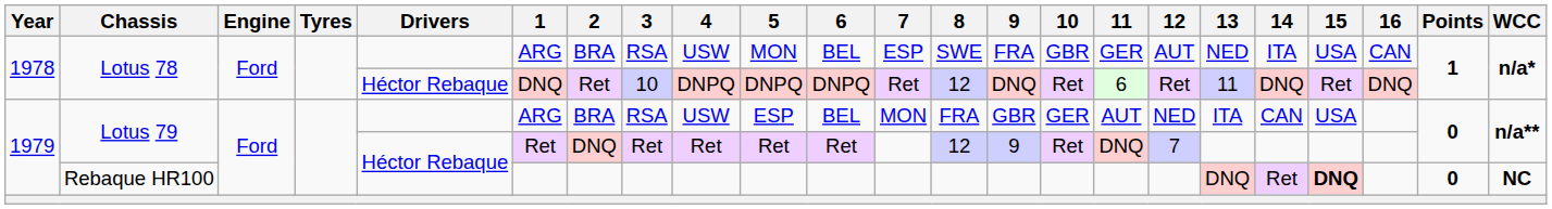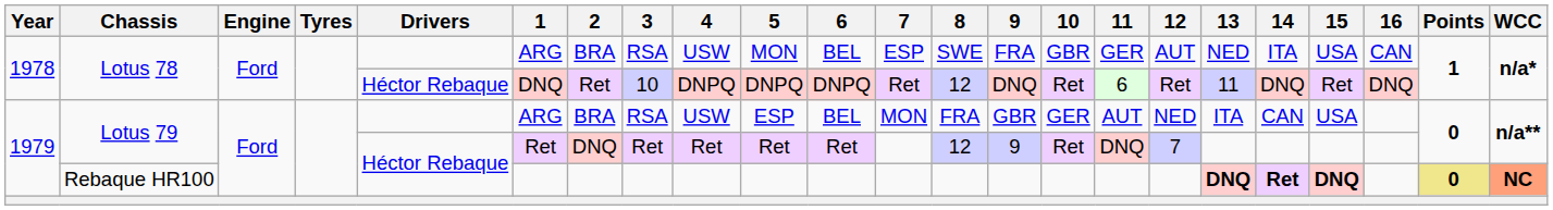 <table class="wikitable" style="text-align:center; font-size:85%">
 <tr>
 <th>Year</th>
 <th>Chassis</th>
 <th>Engine</th>
 <th>Tyres</th>
 <th>Drivers</th>
 <th>1</th>
 <th>2</th>
 <th>3</th>
 <th>4</th>
 <th>5</th>
 <th>6</th>
 <th>7</th>
 <th>8</th>
 <th>9</th>
 <th>10</th>
 <th>11</th>
 <th>12</th>
 <th>13</th>
 <th>14</th>
 <th>15</th>
 <th>16</th>
 <th>Points</th>
 <th>WCC</th>
 </tr>
 <tr>
 <td rowspan="2"><a href='#'>1978</a></td>
 <td rowspan="2"><a href='#'>Lotus</a> <a href='#'>78</a></td>
 <td rowspan="2"><a href='#'>Ford</a></td>
 <td rowspan="2"></td>
 <td></td>
 <td><a href='#'>ARG</a></td>
 <td><a href='#'>BRA</a></td>
 <td><a href='#'>RSA</a></td>
 <td><a href='#'>USW</a></td>
 <td><a href='#'>MON</a></td>
 <td><a href='#'>BEL</a></td>
 <td><a href='#'>ESP</a></td>
 <td><a href='#'>SWE</a></td>
 <td><a href='#'>FRA</a></td>
 <td><a href='#'>GBR</a></td>
 <td><a href='#'>GER</a></td>
 <td><a href='#'>AUT</a></td>
 <td><a href='#'>NED</a></td>
 <td><a href='#'>ITA</a></td>
 <td><a href='#'>USA</a></td>
 <td><a href='#'>CAN</a></td>
 <td rowspan="2"><strong>1</strong></td>
 <td rowspan="2"><strong>n/a*</strong></td>
 </tr>
 <tr>
 <td><a href='#'>Héctor Rebaque</a></td>
 <td style="background:#FFCFCF;">DNQ</td>
 <td style="background:#EFCFFF;">Ret</td>
 <td style="background:#CFCFFF;">10</td>
 <td style="background:#FFCFCF;">DNPQ</td>
 <td style="background:#FFCFCF;">DNPQ</td>
 <td style="background:#FFCFCF;">DNPQ</td>
 <td style="background:#EFCFFF;">Ret</td>
 <td style="background:#CFCFFF;">12</td>
 <td style="background:#FFCFCF;">DNQ</td>
 <td style="background:#EFCFFF;">Ret</td>
 <td style="background:#DFFFDF;">6</td>
 <td style="background:#EFCFFF;">Ret</td>
 <td style="background:#CFCFFF;">11</td>
 <td style="background:#FFCFCF;">DNQ</td>
 <td style="background:#EFCFFF;">Ret</td>
 <td style="background:#FFCFCF;">DNQ</td>
 </tr>
 <tr>
 <td rowspan="3"><a href='#'>1979</a></td>
 <td rowspan="2"><a href='#'>Lotus</a> <a href='#'>79</a></td>
 <td rowspan="3"><a href='#'>Ford</a></td>
 <td rowspan="3"></td>
 <td></td>
 <td><a href='#'>ARG</a></td>
 <td><a href='#'>BRA</a></td>
 <td><a href='#'>RSA</a></td>
 <td><a href='#'>USW</a></td>
 <td><a href='#'>ESP</a></td>
 <td><a href='#'>BEL</a></td>
 <td><a href='#'>MON</a></td>
 <td><a href='#'>FRA</a></td>
 <td><a href='#'>GBR</a></td>
 <td><a href='#'>GER</a></td>
 <td><a href='#'>AUT</a></td>
 <td><a href='#'>NED</a></td>
 <td><a href='#'>ITA</a></td>
 <td><a href='#'>CAN</a></td>
 <td><a href='#'>USA</a></td>
 <td></td>
 <td rowspan="2"><strong>0</strong></td>
 <td rowspan="2"><strong>n/a**</strong></td>
 </tr>
 <tr>
 <td rowspan=2><a href='#'>Héctor Rebaque</a></td>
 <td style="background:#EFCFFF;">Ret</td>
 <td style="background:#FFCFCF;">DNQ</td>
 <td style="background:#EFCFFF;">Ret</td>
 <td style="background:#EFCFFF;">Ret</td>
 <td style="background:#EFCFFF;">Ret</td>
 <td style="background:#EFCFFF;">Ret</td>
 <td></td>
 <td style="background:#CFCFFF;">12</td>
 <td style="background:#CFCFFF;">9</td>
 <td style="background:#EFCFFF;">Ret</td>
 <td style="background:#FFCFCF;">DNQ</td>
 <td style="background:#CFCFFF;">7</td>
 <td></td>
 <td></td>
 <td></td>
 <td></td>
 </tr>
 <tr>
 <td>Rebaque HR100</td>
 <td></td>
 <td></td>
 <td></td>
 <td></td>
 <td></td>
 <td></td>
 <td></td>
 <td></td>
 <td></td>
 <td></td>
 <td></td>
 <td></td>
-<td style="background:#FFCFCF;">DNQ</td>
-<td style="background:#EFCFFF;">Ret</td>
+<td style="background:#FFCFCF;"><strong>DNQ</strong></td>
+<td style="background:#EFCFFF;"><strong>Ret</strong></td>
 <td style="background:#FFCFCF;"><strong>DNQ</strong></td>
 <td></td>
-<td><strong>0</strong></td>
-<td><strong>NC</strong></td>
+<td style="background: khaki;"><strong>0</strong></td>
+<td style="background: lightsalmon;"><strong>NC</strong></td>
 </tr>
 <tr>
 <th colspan="23"></th>
 </tr>
 </table>
